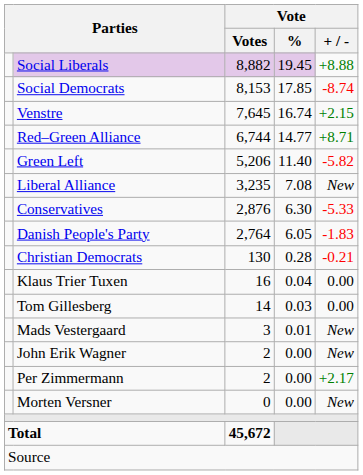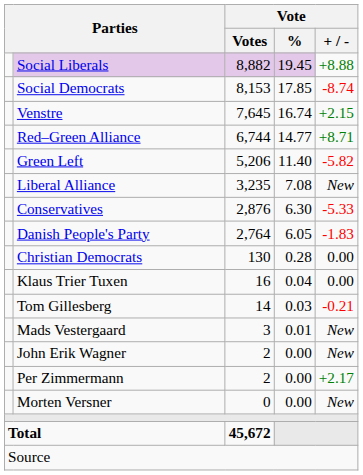 <table class="wikitable" style="text-align:right;">
 <tr>
 <th style="text-align:centre;" rowspan="2" colspan="2" width="225">Parties</th>
 <th colspan="3">Vote</th>
 </tr>
 <tr>
 <th width="15">Votes</th>
 <th width="15">%</th>
 <th width="15">+ / -</th>
 </tr>
 <tr>
 <td width="2" style="color:inherit;background:"></td>
 <td bgcolor=#e3c8e9  align="left"><a href='#'>Social Liberals</a></td>
 <td bgcolor=#e3c8e9>8,882</td>
 <td bgcolor=#e3c8e9>19.45</td>
 <td style=color:green;>+8.88</td>
 </tr>
 <tr>
 <td width="2" style="color:inherit;background:"></td>
 <td align="left"><a href='#'>Social Democrats</a></td>
 <td>8,153</td>
 <td>17.85</td>
 <td style=color:red;>-8.74</td>
 </tr>
 <tr>
 <td width="2" style="color:inherit;background:"></td>
 <td align="left"><a href='#'>Venstre</a></td>
 <td>7,645</td>
 <td>16.74</td>
 <td style=color:green;>+2.15</td>
 </tr>
 <tr>
 <td width="2" style="color:inherit;background:"></td>
 <td align="left"><a href='#'>Red–Green Alliance</a></td>
 <td>6,744</td>
 <td>14.77</td>
 <td style=color:green;>+8.71</td>
 </tr>
 <tr>
 <td width="2" style="color:inherit;background:"></td>
 <td align="left"><a href='#'>Green Left</a></td>
 <td>5,206</td>
 <td>11.40</td>
 <td style=color:red;>-5.82</td>
 </tr>
 <tr>
 <td width="2" style="color:inherit;background:"></td>
 <td align="left"><a href='#'>Liberal Alliance</a></td>
 <td>3,235</td>
 <td>7.08</td>
 <td><em>New</em></td>
 </tr>
 <tr>
 <td width="2" style="color:inherit;background:"></td>
 <td align="left"><a href='#'>Conservatives</a></td>
 <td>2,876</td>
 <td>6.30</td>
 <td style=color:red;>-5.33</td>
 </tr>
 <tr>
 <td width="2" style="color:inherit;background:"></td>
 <td align="left"><a href='#'>Danish People's Party</a></td>
 <td>2,764</td>
 <td>6.05</td>
 <td style=color:red;>-1.83</td>
 </tr>
 <tr>
 <td width="2" style="color:inherit;background:"></td>
 <td align="left"><a href='#'>Christian Democrats</a></td>
 <td>130</td>
 <td>0.28</td>
-<td style=color:red;>-0.21</td>
+<td>0.00</td>
 </tr>
 <tr>
 <td width="2" style="color:inherit;background:"></td>
 <td align="left">Klaus Trier Tuxen</td>
 <td>16</td>
 <td>0.04</td>
 <td>0.00</td>
 </tr>
 <tr>
 <td width="2" style="color:inherit;background:"></td>
 <td align="left">Tom Gillesberg</td>
 <td>14</td>
 <td>0.03</td>
-<td>0.00</td>
+<td style=color:red;>-0.21</td>
 </tr>
 <tr>
 <td width="2" style="color:inherit;background:"></td>
 <td align="left">Mads Vestergaard</td>
 <td>3</td>
 <td>0.01</td>
 <td><em>New</em></td>
 </tr>
 <tr>
 <td width="2" style="color:inherit;background:"></td>
 <td align="left">John Erik Wagner</td>
 <td>2</td>
 <td>0.00</td>
 <td><em>New</em></td>
 </tr>
 <tr>
 <td width="2" style="color:inherit;background:"></td>
 <td align="left">Per Zimmermann</td>
 <td>2</td>
 <td>0.00</td>
 <td style=color:green;>+2.17</td>
 </tr>
 <tr>
 <td width="2" style="color:inherit;background:"></td>
 <td align="left">Morten Versner</td>
 <td>0</td>
 <td>0.00</td>
 <td><em>New</em></td>
 </tr>
 <tr>
 <td colspan="7" bgcolor="#E9E9E9"></td>
 </tr>
 <tr>
 <td align="left" colspan="2"><strong>Total</strong></td>
 <td><strong>45,672</strong></td>
 <td bgcolor="#E9E9E9" colspan="2"></td>
 </tr>
 <tr>
 <td align="left" colspan="6">Source</td>
 </tr>
 </table>
